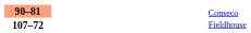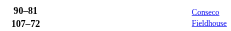 <table style="text-align:center">
 <tr>
 <th width=200></th>
 <th width=30></th>
 <th width=70></th>
 <th width=30></th>
 <th width=200></th>
 <th></th>
 </tr>
 <tr>
 <td align=right><strong></strong></td>
 <td></td>
-<td style="background: lightsalmon;"><strong> 90–81 </strong></td>
+<td><strong> 90–81 </strong></td>
 <td></td>
 <td align=left><strong></strong></td>
 <td align=left rowspan=2><small><a href='#'>Conseco Fieldhouse</a></small></td>
 </tr>
 <tr>
 <td align=right><strong></strong></td>
 <td></td>
 <td><strong> 107–72 </strong></td>
 <td></td>
 <td align=left><strong></strong></td>
 </tr>
 </table>
